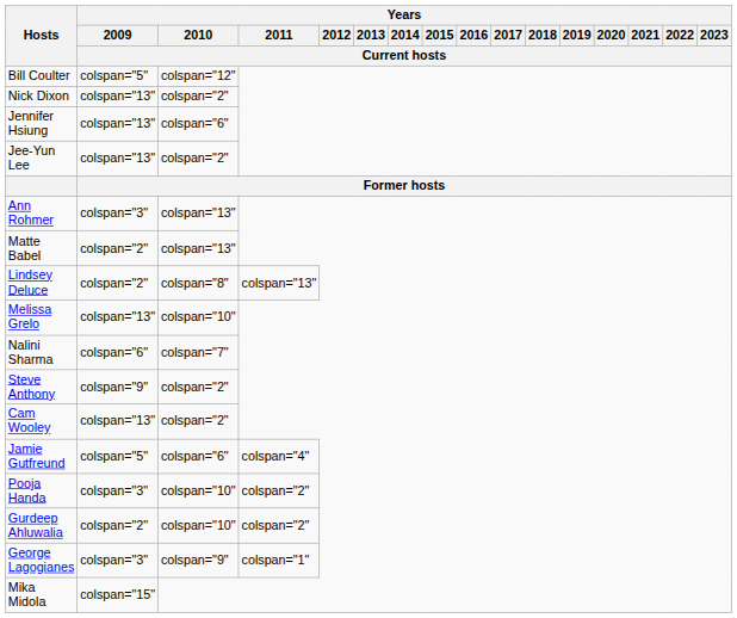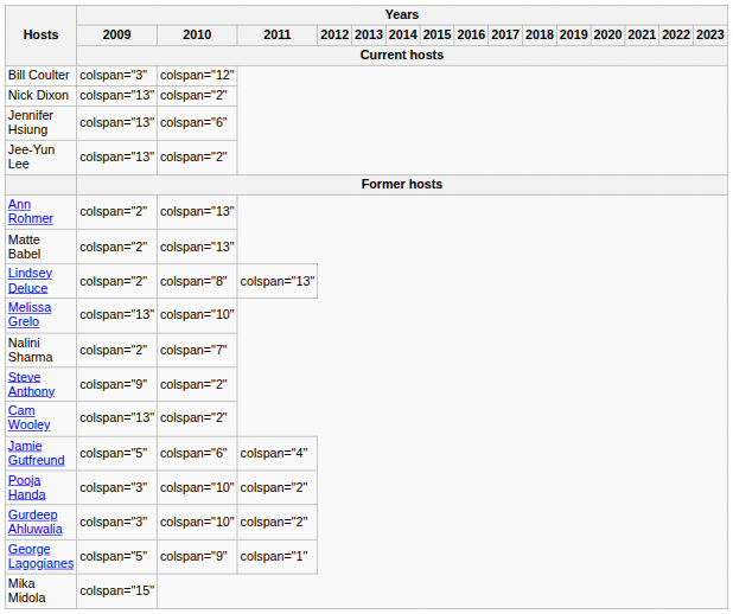 <table class="wikitable plainrowheaders" style="width:82%;">
 <tr>
 <th rowspan="3" scope="col" style="width:12%;">Hosts</th>
 <th colspan="15" scope="col">Years</th>
 </tr>
 <tr>
 <th scope="col" style="width:4%;">2009</th>
 <th scope="col" style="width:4%;">2010</th>
 <th scope="col" style="width:4%;">2011</th>
 <th scope="col" style="width:4%;">2012</th>
 <th scope="col" style="width:4%;">2013</th>
 <th scope="col" style="width:4%;">2014</th>
 <th scope="col" style="width:4%;">2015</th>
 <th scope="col" style="width:4%;">2016</th>
 <th scope="col" style="width:4%;">2017</th>
 <th scope="col" style="width:4%;">2018</th>
 <th scope="col" style="width:4%;">2019</th>
 <th scope="col" style="width:4%;">2020</th>
 <th scope="col" style="width:4%;">2021</th>
 <th scope="col" style="width:4%;">2022</th>
 <th scope="col" style="width:4%;">2023</th>
 </tr>
 <tr>
 <th colspan="15" scope="col" style="width:22%;">Current hosts</th>
 </tr>
 <tr>
 <td scope="row">Bill Coulter</td>
-<td>colspan="5" </td>
+<td>colspan="3" </td>
 <td>colspan="12" </td>
 </tr>
 <tr>
 <td scope="row">Nick Dixon</td>
 <td>colspan="13" </td>
 <td>colspan="2" </td>
 </tr>
 <tr>
 <td scope="row">Jennifer Hsiung</td>
 <td>colspan="13" </td>
 <td>colspan="6" </td>
 </tr>
 <tr>
 <td scope="row">Jee-Yun Lee</td>
 <td>colspan="13" </td>
 <td>colspan="2" </td>
 </tr>
 <tr>
 <th scope="col"></th>
 <th colspan="15" scope="col" style="width:42%;">Former hosts</th>
 </tr>
 <tr>
 <td scope="row"><a href='#'>Ann Rohmer</a></td>
-<td>colspan="3" </td>
+<td>colspan="2" </td>
 <td>colspan="13" </td>
 </tr>
 <tr>
 <td scope="row">Matte Babel</td>
 <td>colspan="2" </td>
 <td>colspan="13" </td>
 </tr>
 <tr>
 <td scope="row"><a href='#'>Lindsey Deluce</a></td>
 <td>colspan="2" </td>
 <td>colspan="8" </td>
 <td>colspan="13" </td>
 </tr>
 <tr>
 <td scope="row"><a href='#'>Melissa Grelo</a></td>
 <td>colspan="13" </td>
 <td>colspan="10" </td>
 </tr>
 <tr>
 <td scope="row">Nalini Sharma</td>
-<td>colspan="6" </td>
+<td>colspan="2" </td>
 <td>colspan="7" </td>
 </tr>
 <tr>
 <td scope="row"><a href='#'>Steve Anthony</a></td>
 <td>colspan="9" </td>
 <td>colspan="2" </td>
 </tr>
 <tr>
 <td scope="row"><a href='#'>Cam Wooley</a></td>
 <td>colspan="13" </td>
 <td>colspan="2" </td>
 </tr>
 <tr>
 <td scope="row"><a href='#'>Jamie Gutfreund</a></td>
 <td>colspan="5" </td>
 <td>colspan="6" </td>
 <td>colspan="4" </td>
 </tr>
 <tr>
 <td scope="row"><a href='#'>Pooja Handa</a></td>
 <td>colspan="3" </td>
 <td>colspan="10" </td>
 <td>colspan="2" </td>
 </tr>
 <tr>
 <td scope="row"><a href='#'>Gurdeep Ahluwalia</a></td>
-<td>colspan="2" </td>
+<td>colspan="3" </td>
 <td>colspan="10" </td>
 <td>colspan="2" </td>
 </tr>
 <tr>
 <td scope="row"><a href='#'>George Lagogianes</a></td>
-<td>colspan="3" </td>
+<td>colspan="5" </td>
 <td>colspan="9" </td>
 <td>colspan="1" </td>
 </tr>
 <tr>
 <td scope="row">Mika Midola</td>
 <td>colspan="15" </td>
 </tr>
 </table>
